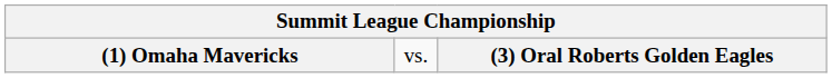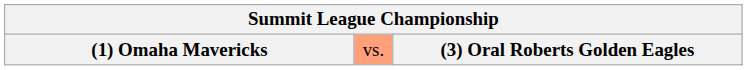 <table class="wikitable">
 <tr>
 <th style="width: 604px;" colspan=3>Summit League Championship</th>
 </tr>
 <tr>
 <th style="width: 289px; ">(1) Omaha Mavericks</th>
-<td style="width: 25px; text-align:center">vs.</td>
+<td style="background: lightsalmon; width: 25px; text-align:center">vs.</td>
 <th style="width: 289px; ">(3) Oral Roberts Golden Eagles</th>
 </tr>
 </table>
